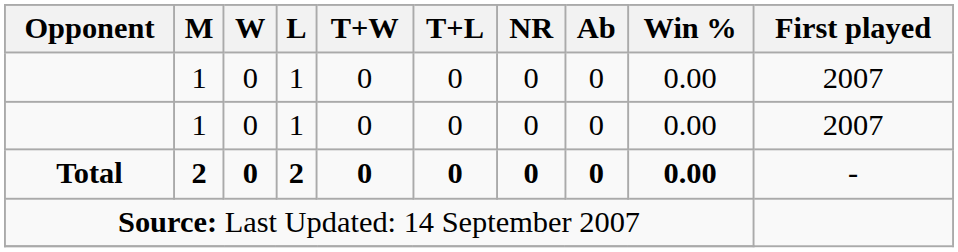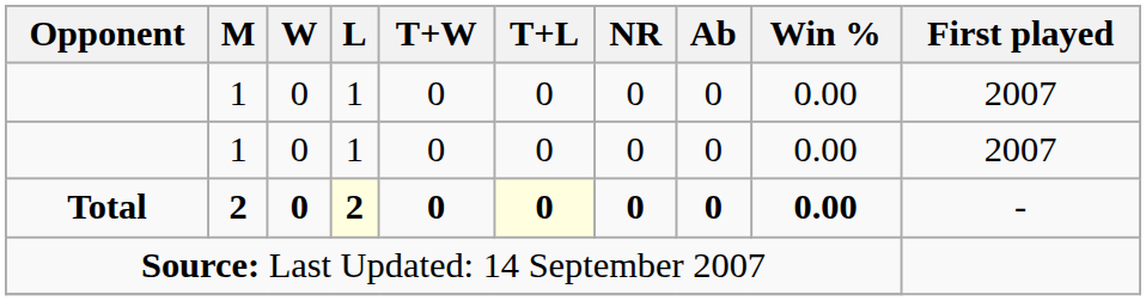 <table class="wikitable" style="text-align: center; width: 500px;">
 <tr>
 <th>Opponent</th>
 <th>M</th>
 <th>W</th>
 <th>L</th>
 <th>T+W</th>
 <th>T+L</th>
 <th>NR</th>
 <th>Ab</th>
 <th>Win %</th>
 <th>First played</th>
 </tr>
 <tr>
 <td align="left"></td>
 <td>1</td>
 <td>0</td>
 <td>1</td>
 <td>0</td>
 <td>0</td>
 <td>0</td>
 <td>0</td>
 <td>0.00</td>
 <td>2007</td>
 </tr>
 <tr>
 <td align="left"></td>
 <td>1</td>
 <td>0</td>
 <td>1</td>
 <td>0</td>
 <td>0</td>
 <td>0</td>
 <td>0</td>
 <td>0.00</td>
 <td>2007</td>
 </tr>
 <tr>
 <td><strong>Total</strong></td>
 <td><strong>2</strong></td>
 <td><strong>0</strong></td>
-<td><strong>2</strong></td>
+<td style="background: lightyellow;"><strong>2</strong></td>
 <td><strong>0</strong></td>
-<td><strong>0</strong></td>
+<td style="background: lightyellow;"><strong>0</strong></td>
 <td><strong>0</strong></td>
 <td><strong>0</strong></td>
 <td><strong>0.00</strong></td>
 <td>-</td>
 </tr>
 <tr>
 <td colspan="9"><strong>Source:</strong> Last Updated: 14 September 2007</td>
 </tr>
 <tr>
 </tr>
 </table>
